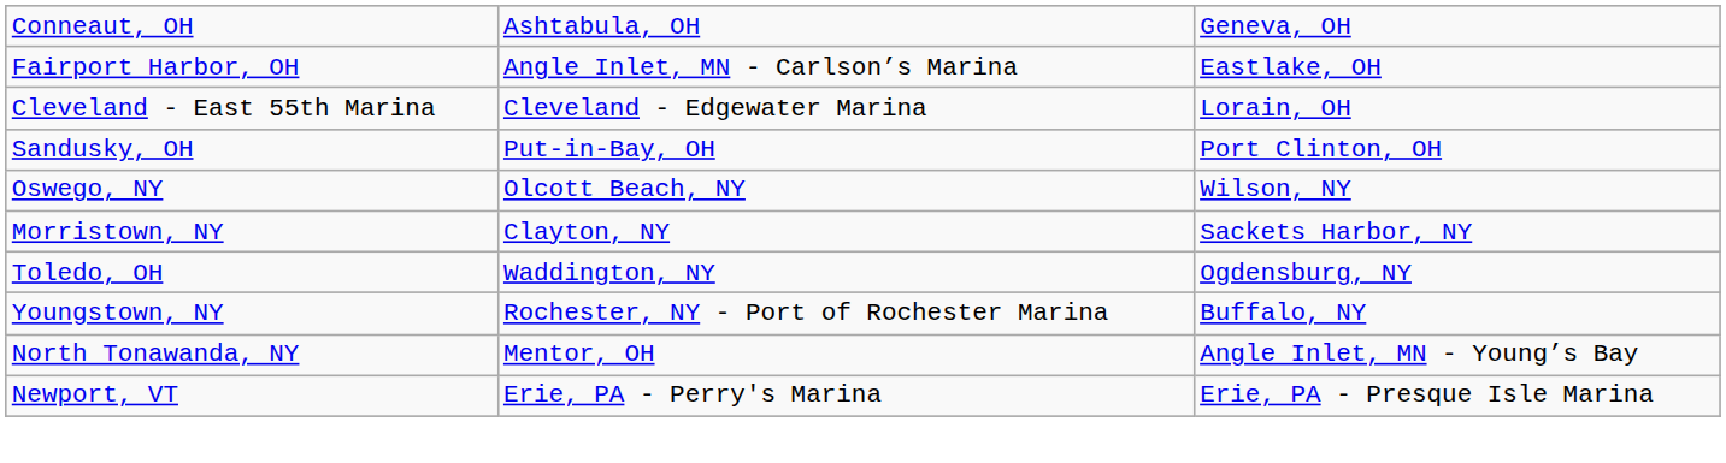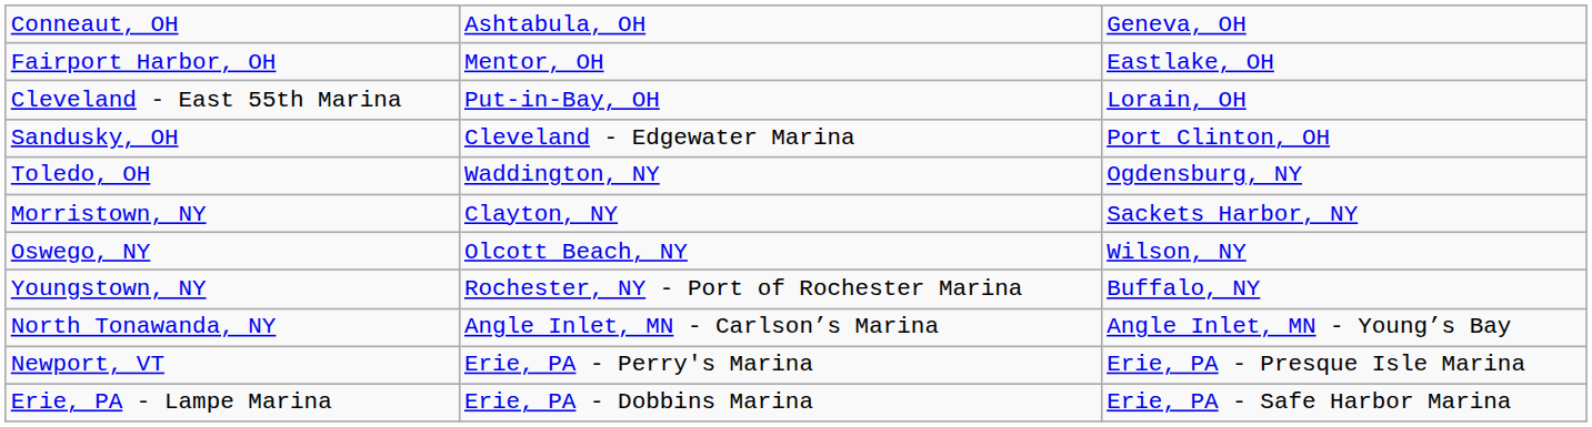 <table class="wikitable" style="width:70%" style="justification:center"|>
 <tr>
 <td><a href='#'>Conneaut, OH</a></td>
 <td><a href='#'>Ashtabula, OH</a></td>
 <td><a href='#'>Geneva, OH</a></td>
 </tr>
 <tr>
 <td><a href='#'>Fairport Harbor, OH</a></td>
-<td><a href='#'>Angle Inlet, MN</a> - Carlson’s Marina</td>
+<td><a href='#'>Mentor, OH</a></td>
 <td><a href='#'>Eastlake, OH</a></td>
 </tr>
 <tr>
 <td><a href='#'>Cleveland</a> - East 55th Marina</td>
-<td><a href='#'>Cleveland</a> - Edgewater Marina</td>
+<td><a href='#'>Put-in-Bay, OH</a></td>
 <td><a href='#'>Lorain, OH</a></td>
 </tr>
 <tr>
 <td><a href='#'>Sandusky, OH</a></td>
-<td><a href='#'>Put-in-Bay, OH</a></td>
+<td><a href='#'>Cleveland</a> - Edgewater Marina</td>
 <td><a href='#'>Port Clinton, OH</a></td>
 </tr>
 <tr>
-<td><a href='#'>Oswego, NY</a></td>
-<td><a href='#'>Olcott Beach, NY</a></td>
-<td><a href='#'>Wilson, NY</a></td>
+<td><a href='#'>Toledo, OH</a></td>
+<td><a href='#'>Waddington, NY</a></td>
+<td><a href='#'>Ogdensburg, NY</a></td>
 </tr>
 <tr>
 <td><a href='#'>Morristown, NY</a></td>
 <td><a href='#'>Clayton, NY</a></td>
 <td><a href='#'>Sackets Harbor, NY</a></td>
 </tr>
 <tr>
-<td><a href='#'>Toledo, OH</a></td>
-<td><a href='#'>Waddington, NY</a></td>
-<td><a href='#'>Ogdensburg, NY</a></td>
+<td><a href='#'>Oswego, NY</a></td>
+<td><a href='#'>Olcott Beach, NY</a></td>
+<td><a href='#'>Wilson, NY</a></td>
 </tr>
 <tr>
 <td><a href='#'>Youngstown, NY</a></td>
 <td><a href='#'>Rochester, NY</a> - Port of Rochester Marina</td>
 <td><a href='#'>Buffalo, NY</a></td>
 </tr>
 <tr>
 <td><a href='#'>North Tonawanda, NY</a></td>
-<td><a href='#'>Mentor, OH</a></td>
+<td><a href='#'>Angle Inlet, MN</a> - Carlson’s Marina</td>
 <td><a href='#'>Angle Inlet, MN</a> - Young’s Bay</td>
 </tr>
 <tr>
 <td><a href='#'>Newport, VT</a></td>
 <td><a href='#'>Erie, PA</a> - Perry's Marina</td>
 <td><a href='#'>Erie, PA</a> - Presque Isle Marina</td>
 </tr>
+<tr>
+<td><a href='#'>Erie, PA</a> - Lampe Marina</td>
+<td><a href='#'>Erie, PA</a> - Dobbins Marina</td>
+<td><a href='#'>Erie, PA</a> - Safe Harbor Marina</td>
+</tr>
 </table>
